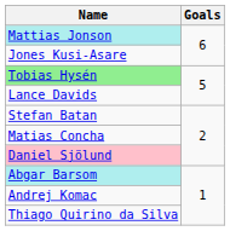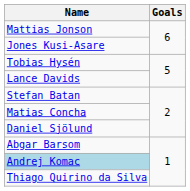 <table class="wikitable">
 <tr>
 <th>Name</th>
 <th>Goals</th>
 </tr>
 <tr>
-<td style="background: paleturquoise;"> <a href='#'>Mattias Jonson</a></td>
+<td> <a href='#'>Mattias Jonson</a></td>
 <td rowspan="2" style="text-align:center;">6</td>
 </tr>
 <tr>
 <td> <a href='#'>Jones Kusi-Asare</a></td>
 </tr>
 <tr>
-<td style="background: lightgreen;"> <a href='#'>Tobias Hysén</a></td>
+<td> <a href='#'>Tobias Hysén</a></td>
 <td rowspan="2" style="text-align:center;">5</td>
 </tr>
 <tr>
 <td> <a href='#'>Lance Davids</a></td>
 </tr>
 <tr>
 <td> <a href='#'>Stefan Batan</a></td>
 <td rowspan="3" style="text-align:center;">2</td>
 </tr>
 <tr>
 <td> <a href='#'>Matias Concha</a></td>
 </tr>
 <tr>
-<td style="background: pink;"> <a href='#'>Daniel Sjölund</a></td>
+<td> <a href='#'>Daniel Sjölund</a></td>
 </tr>
 <tr>
-<td style="background: paleturquoise;"> <a href='#'>Abgar Barsom</a></td>
+<td> <a href='#'>Abgar Barsom</a></td>
 <td rowspan="3" style="text-align:center;">1</td>
 </tr>
 <tr>
-<td> <a href='#'>Andrej Komac</a></td>
+<td style="background: lightblue;"> <a href='#'>Andrej Komac</a></td>
 </tr>
 <tr>
 <td> <a href='#'>Thiago Quirino da Silva</a></td>
 </tr>
 </table>
